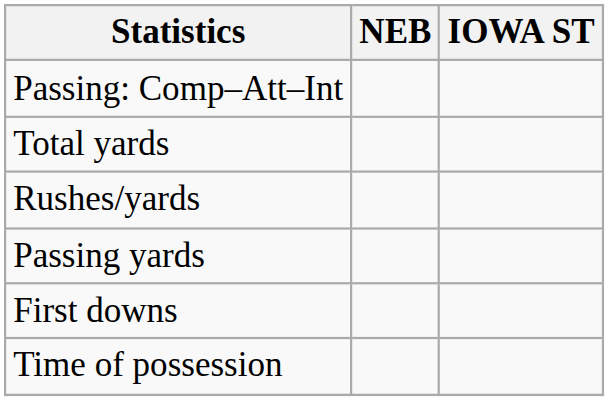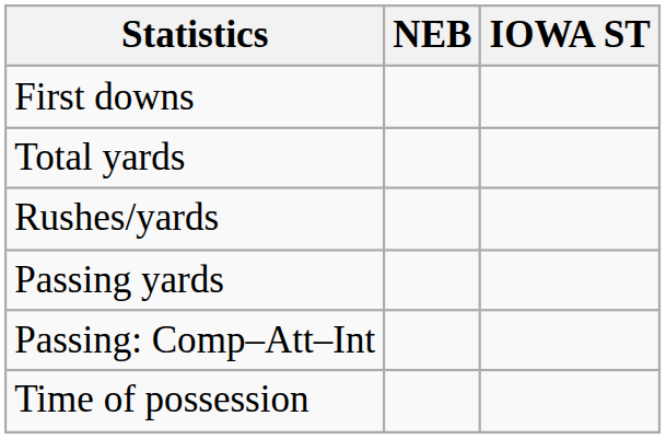 <table class="wikitable" style="float: left;">
 <tr>
 <th>Statistics</th>
 <th>NEB</th>
 <th>IOWA ST</th>
 </tr>
 <tr>
-<td>Passing: Comp–Att–Int</td>
+<td>First downs</td>
 <td></td>
 <td></td>
 </tr>
 <tr>
 <td>Total yards</td>
 <td></td>
 <td></td>
 </tr>
 <tr>
 <td>Rushes/yards</td>
 <td></td>
 <td></td>
 </tr>
 <tr>
 <td>Passing yards</td>
 <td></td>
 <td></td>
 </tr>
 <tr>
-<td>First downs</td>
+<td>Passing: Comp–Att–Int</td>
 <td></td>
 <td></td>
 </tr>
 <tr>
 <td>Time of possession</td>
 <td></td>
 <td></td>
 </tr>
 <tr>
 </tr>
 </table>
